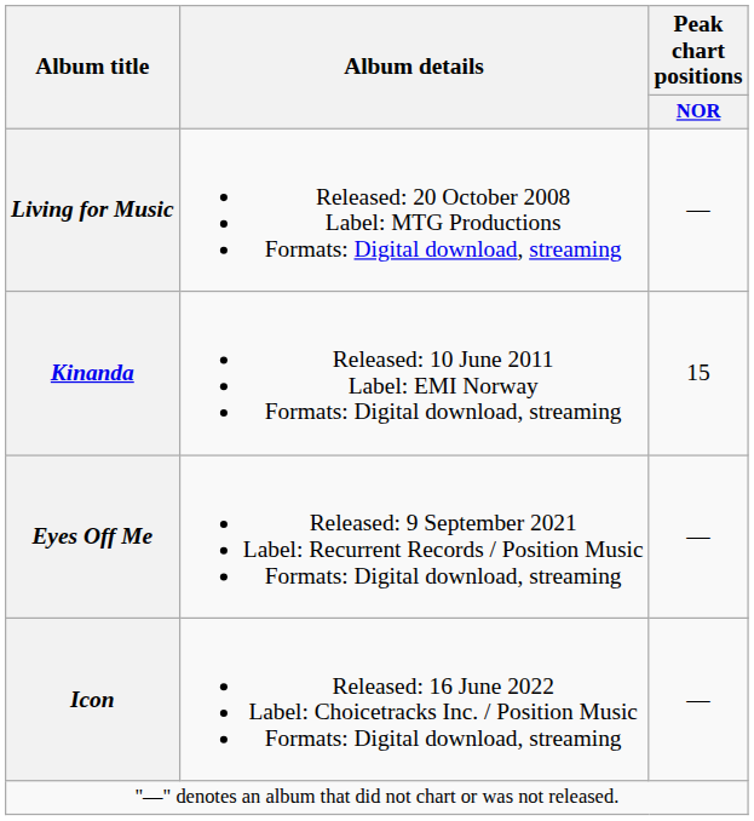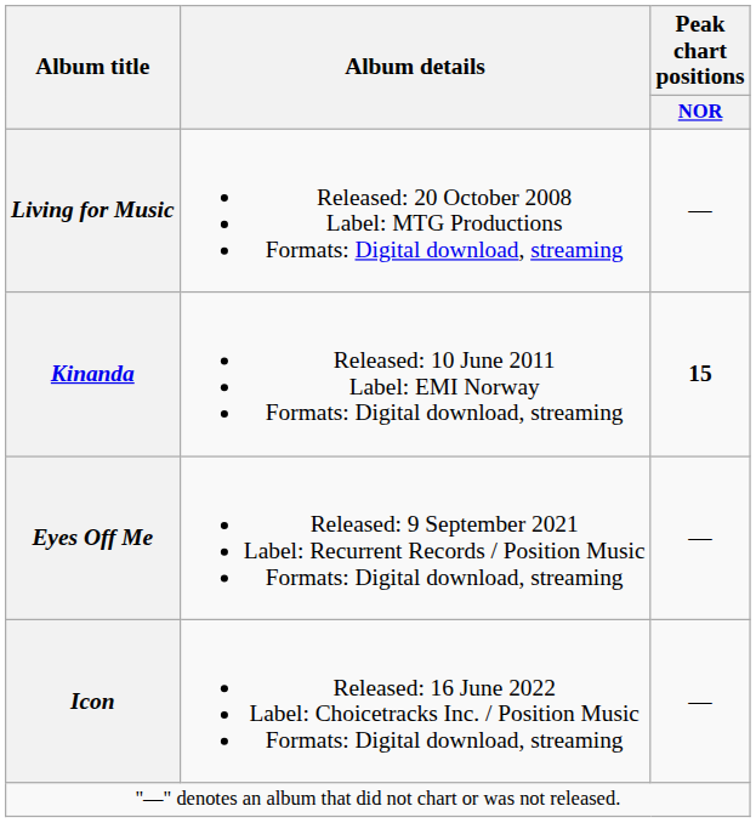 <table class="wikitable plainrowheaders" style="text-align:center;">
 <tr>
 <th scope="col" rowspan="2">Album title</th>
 <th scope="col" rowspan="2">Album details</th>
 <th scope="col" colspan="1">Peak chart positions</th>
 </tr>
 <tr>
 <th scope="col" style="width:3em;font-size:85%;"><a href='#'>NOR</a><br></th>
 </tr>
 <tr>
 <th scope="row"><em>Living for Music</em></th>
 <td><br><ul><li>Released: 20 October 2008</li><li>Label: MTG Productions</li><li>Formats: <a href='#'>Digital download</a>, <a href='#'>streaming</a></li></ul></td>
 <td>—</td>
 </tr>
 <tr>
 <th scope="row"><em><a href='#'>Kinanda</a></em></th>
 <td><br><ul><li>Released: 10 June 2011</li><li>Label: EMI Norway</li><li>Formats: Digital download, streaming</li></ul></td>
-<td>15</td>
+<td><strong>15</strong></td>
 </tr>
 <tr>
 <th scope="row"><em>Eyes Off Me</em></th>
 <td><br><ul><li>Released: 9 September 2021</li><li>Label: Recurrent Records / Position Music</li><li>Formats: Digital download, streaming</li></ul></td>
 <td>—</td>
 </tr>
 <tr>
 <th scope="row"><em>Icon</em></th>
 <td><br><ul><li>Released: 16 June 2022</li><li>Label: Choicetracks Inc. / Position Music</li><li>Formats: Digital download, streaming</li></ul></td>
 <td>—</td>
 </tr>
 <tr>
 <td colspan="22" style="text-align:center; font-size:85%;">"—" denotes an album that did not chart or was not released.</td>
 </tr>
 </table>
